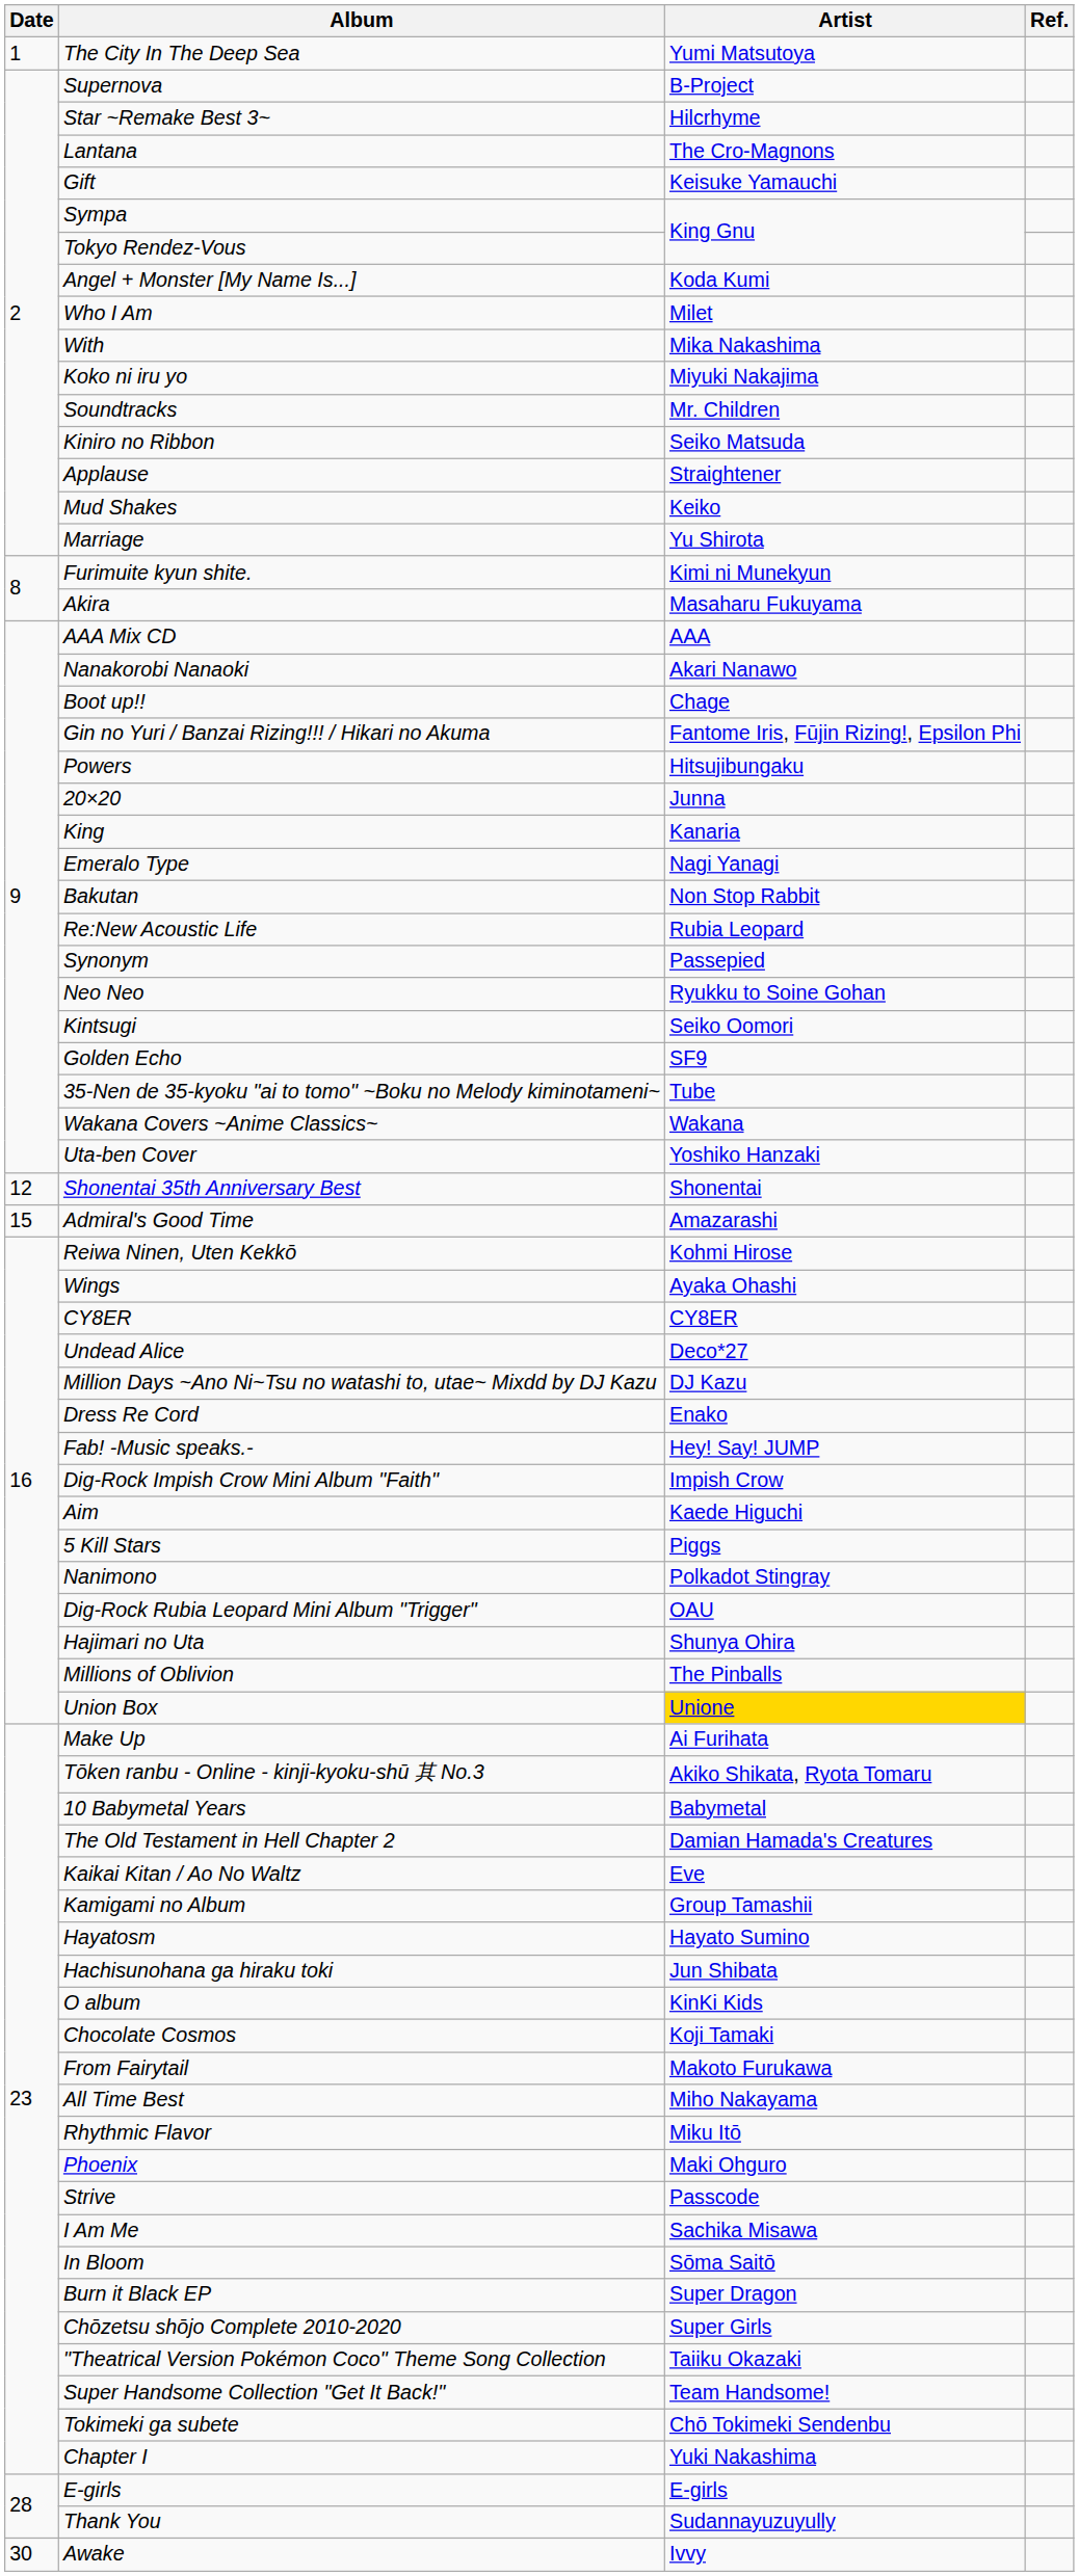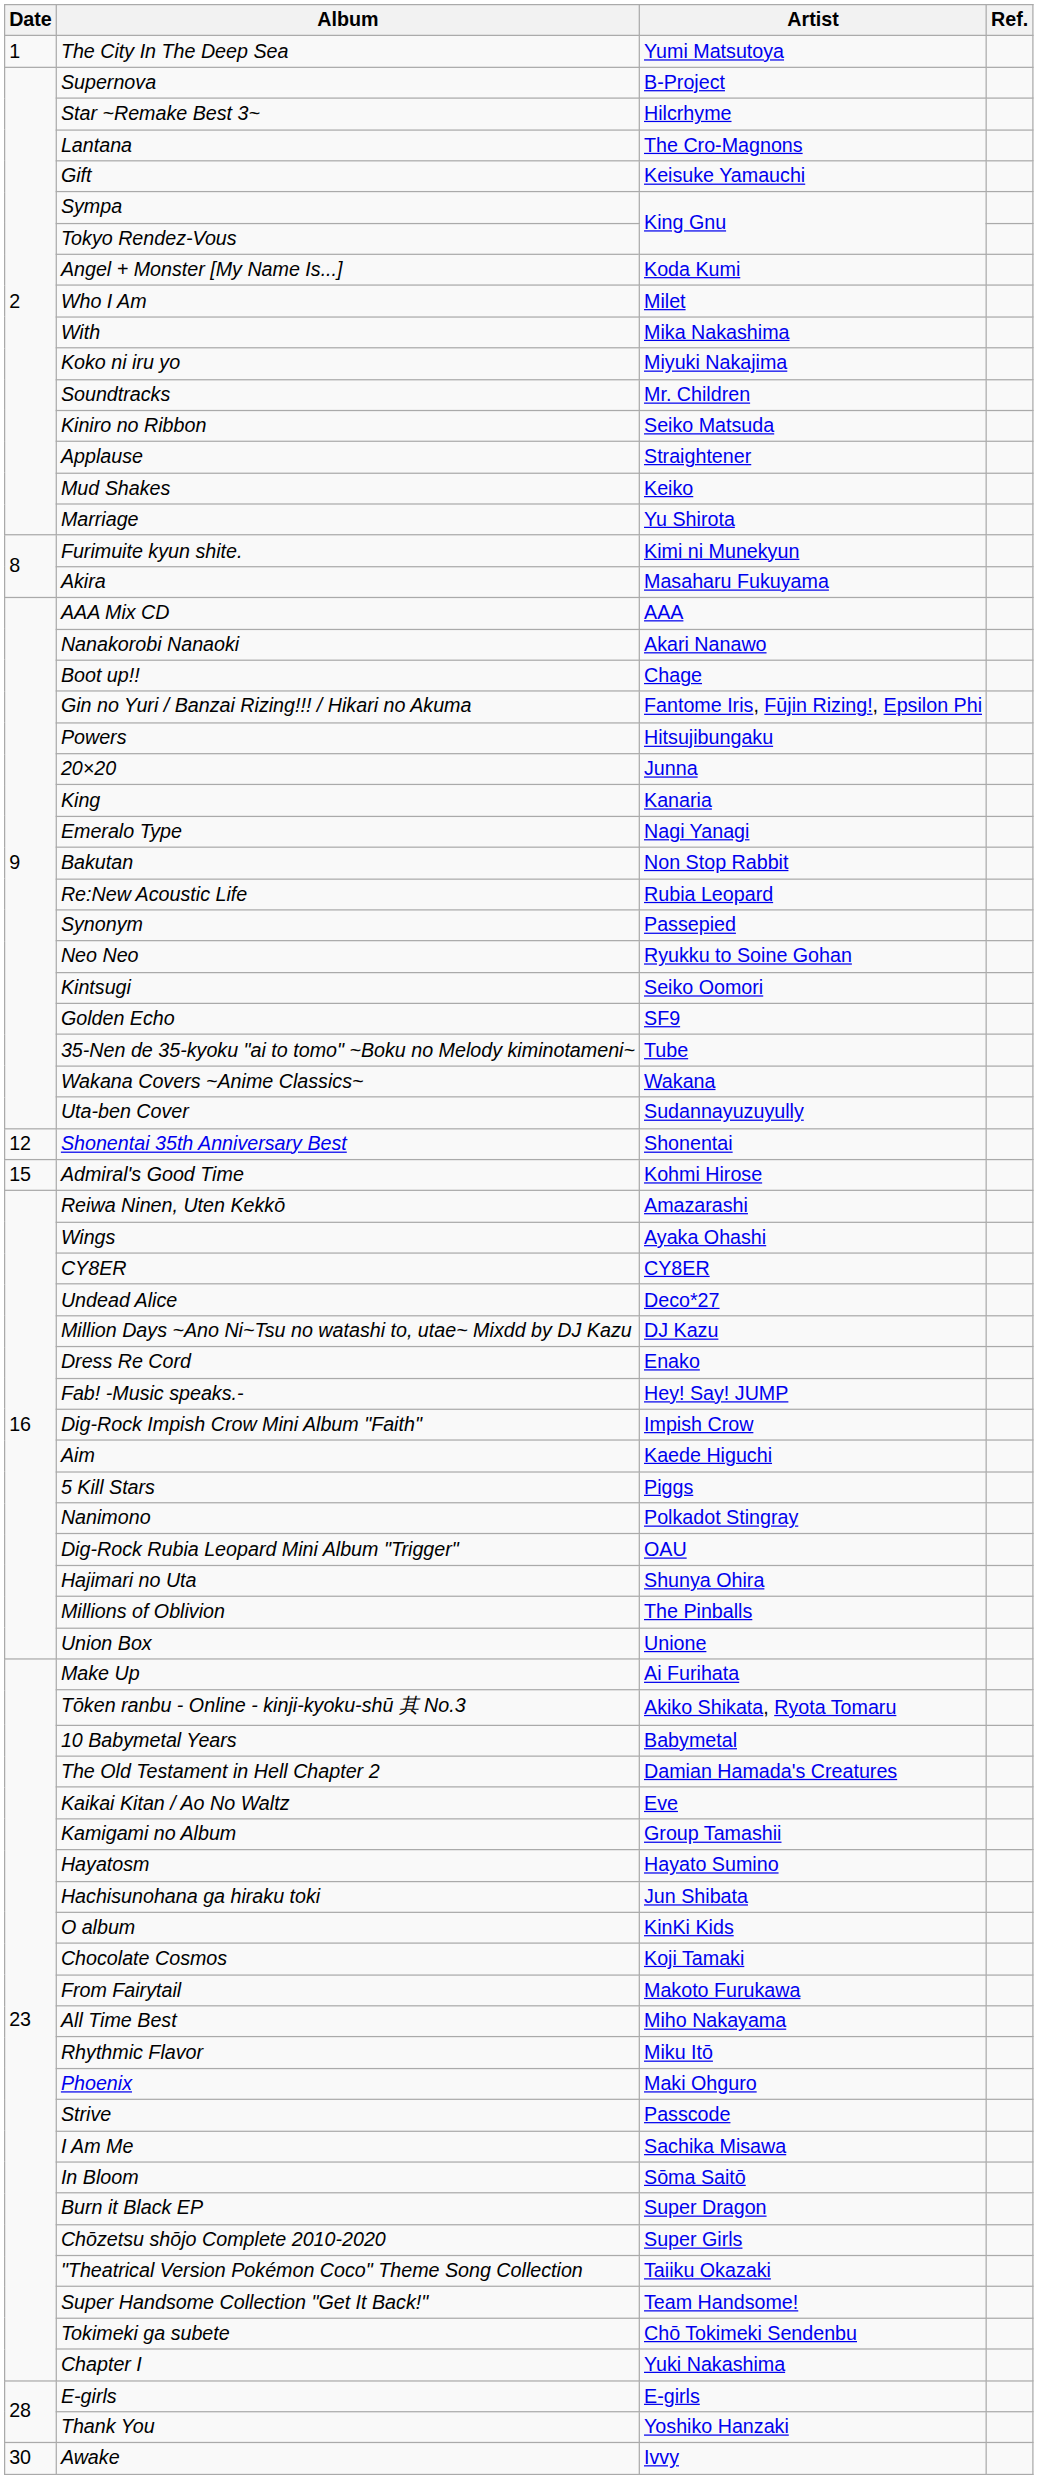 <table class="wikitable">
 <tr>
 <th>Date</th>
 <th>Album</th>
 <th>Artist</th>
 <th>Ref.</th>
 </tr>
 <tr>
 <td>1</td>
 <td><em>The City In The Deep Sea</em></td>
 <td><a href='#'>Yumi Matsutoya</a></td>
 <td></td>
 </tr>
 <tr>
 <td rowspan="15">2</td>
 <td><em>Supernova</em></td>
 <td><a href='#'>B-Project</a></td>
 <td></td>
 </tr>
 <tr>
 <td><em>Star ~Remake Best 3~</em></td>
 <td><a href='#'>Hilcrhyme</a></td>
 <td></td>
 </tr>
 <tr>
 <td><em>Lantana</em></td>
 <td><a href='#'>The Cro-Magnons</a></td>
 <td></td>
 </tr>
 <tr>
 <td><em>Gift</em></td>
 <td><a href='#'>Keisuke Yamauchi</a></td>
 <td></td>
 </tr>
 <tr>
 <td><em>Sympa</em></td>
 <td rowspan="2"><a href='#'>King Gnu</a></td>
 <td></td>
 </tr>
 <tr>
 <td><em>Tokyo Rendez-Vous</em></td>
 <td></td>
 </tr>
 <tr>
 <td><em>Angel + Monster [My Name Is...]</em></td>
 <td><a href='#'>Koda Kumi</a></td>
 <td></td>
 </tr>
 <tr>
 <td><em>Who I Am</em></td>
 <td><a href='#'>Milet</a></td>
 <td></td>
 </tr>
 <tr>
 <td><em>With</em></td>
 <td><a href='#'>Mika Nakashima</a></td>
 <td></td>
 </tr>
 <tr>
 <td><em>Koko ni iru yo</em></td>
 <td><a href='#'>Miyuki Nakajima</a></td>
 <td></td>
 </tr>
 <tr>
 <td><em>Soundtracks</em></td>
 <td><a href='#'>Mr. Children</a></td>
 <td></td>
 </tr>
 <tr>
 <td><em>Kiniro no Ribbon</em></td>
 <td><a href='#'>Seiko Matsuda</a></td>
 <td></td>
 </tr>
 <tr>
 <td><em>Applause</em></td>
 <td><a href='#'>Straightener</a></td>
 <td></td>
 </tr>
 <tr>
 <td><em>Mud Shakes</em></td>
 <td><a href='#'>Keiko</a></td>
 <td></td>
 </tr>
 <tr>
 <td><em>Marriage</em></td>
 <td><a href='#'>Yu Shirota</a></td>
 <td></td>
 </tr>
 <tr>
 <td rowspan="2">8</td>
 <td><em>Furimuite kyun shite.</em></td>
 <td><a href='#'>Kimi ni Munekyun</a></td>
 <td></td>
 </tr>
 <tr>
 <td><em>Akira</em></td>
 <td><a href='#'>Masaharu Fukuyama</a></td>
 <td></td>
 </tr>
 <tr>
 <td rowspan="17">9</td>
 <td><em>AAA Mix CD</em></td>
 <td><a href='#'>AAA</a></td>
 <td></td>
 </tr>
 <tr>
 <td><em>Nanakorobi Nanaoki</em></td>
 <td><a href='#'>Akari Nanawo</a></td>
 <td></td>
 </tr>
 <tr>
 <td><em>Boot up!!</em></td>
 <td><a href='#'>Chage</a></td>
 <td></td>
 </tr>
 <tr>
 <td><em>Gin no Yuri / Banzai Rizing!!! / Hikari no Akuma</em></td>
 <td><a href='#'>Fantome Iris</a>, <a href='#'>Fūjin Rizing!</a>, <a href='#'>Epsilon Phi</a></td>
 <td></td>
 </tr>
 <tr>
 <td><em>Powers</em></td>
 <td><a href='#'>Hitsujibungaku</a></td>
 <td></td>
 </tr>
 <tr>
 <td><em>20×20</em></td>
 <td><a href='#'>Junna</a></td>
 <td></td>
 </tr>
 <tr>
 <td><em>King</em></td>
 <td><a href='#'>Kanaria</a></td>
 <td></td>
 </tr>
 <tr>
 <td><em>Emeralo Type</em></td>
 <td><a href='#'>Nagi Yanagi</a></td>
 <td></td>
 </tr>
 <tr>
 <td><em>Bakutan</em></td>
 <td><a href='#'>Non Stop Rabbit</a></td>
 <td></td>
 </tr>
 <tr>
 <td><em>Re:New Acoustic Life</em></td>
 <td><a href='#'>Rubia Leopard</a></td>
 <td></td>
 </tr>
 <tr>
 <td><em>Synonym</em></td>
 <td><a href='#'>Passepied</a></td>
 <td></td>
 </tr>
 <tr>
 <td><em>Neo Neo</em></td>
 <td><a href='#'>Ryukku to Soine Gohan</a></td>
 <td></td>
 </tr>
 <tr>
 <td><em>Kintsugi</em></td>
 <td><a href='#'>Seiko Oomori</a></td>
 <td></td>
 </tr>
 <tr>
 <td><em>Golden Echo</em></td>
 <td><a href='#'>SF9</a></td>
 <td></td>
 </tr>
 <tr>
 <td><em>35-Nen de 35-kyoku "ai to tomo" ~Boku no Melody kiminotameni~</em></td>
 <td><a href='#'>Tube</a></td>
 <td></td>
 </tr>
 <tr>
 <td><em>Wakana Covers ~Anime Classics~</em></td>
 <td><a href='#'>Wakana</a></td>
 <td></td>
 </tr>
 <tr>
 <td><em>Uta-ben Cover</em></td>
-<td><a href='#'>Yoshiko Hanzaki</a></td>
+<td><a href='#'>Sudannayuzuyully</a></td>
 <td></td>
 </tr>
 <tr>
 <td>12</td>
 <td><em><a href='#'>Shonentai 35th Anniversary Best</a></em></td>
 <td><a href='#'>Shonentai</a></td>
 <td></td>
 </tr>
 <tr>
 <td>15</td>
 <td><em>Admiral's Good Time</em></td>
-<td><a href='#'>Amazarashi</a></td>
+<td><a href='#'>Kohmi Hirose</a></td>
 <td></td>
 </tr>
 <tr>
 <td rowspan="15">16</td>
 <td><em>Reiwa Ninen, Uten Kekkō</em></td>
-<td><a href='#'>Kohmi Hirose</a></td>
+<td><a href='#'>Amazarashi</a></td>
 <td></td>
 </tr>
 <tr>
 <td><em>Wings</em></td>
 <td><a href='#'>Ayaka Ohashi</a></td>
 <td></td>
 </tr>
 <tr>
 <td><em>CY8ER</em></td>
 <td><a href='#'>CY8ER</a></td>
 <td></td>
 </tr>
 <tr>
 <td><em>Undead Alice</em></td>
 <td><a href='#'>Deco*27</a></td>
 <td></td>
 </tr>
 <tr>
 <td><em>Million Days ~Ano Ni~Tsu no watashi to, utae~ Mixdd by DJ Kazu</em></td>
 <td><a href='#'>DJ Kazu</a></td>
 <td></td>
 </tr>
 <tr>
 <td><em>Dress Re Cord</em></td>
 <td><a href='#'>Enako</a></td>
 <td></td>
 </tr>
 <tr>
 <td><em>Fab! -Music speaks.-</em></td>
 <td><a href='#'>Hey! Say! JUMP</a></td>
 <td></td>
 </tr>
 <tr>
 <td><em>Dig-Rock Impish Crow Mini Album "Faith"</em></td>
 <td><a href='#'>Impish Crow</a></td>
 <td></td>
 </tr>
 <tr>
 <td><em>Aim</em></td>
 <td><a href='#'>Kaede Higuchi</a></td>
 <td></td>
 </tr>
 <tr>
 <td><em>5 Kill Stars</em></td>
 <td><a href='#'>Piggs</a></td>
 <td></td>
 </tr>
 <tr>
 <td><em>Nanimono</em></td>
 <td><a href='#'>Polkadot Stingray</a></td>
 <td></td>
 </tr>
 <tr>
 <td><em>Dig-Rock Rubia Leopard Mini Album "Trigger"</em></td>
 <td><a href='#'>OAU</a></td>
 <td></td>
 </tr>
 <tr>
 <td><em>Hajimari no Uta</em></td>
 <td><a href='#'>Shunya Ohira</a></td>
 <td></td>
 </tr>
 <tr>
 <td><em>Millions of Oblivion</em></td>
 <td><a href='#'>The Pinballs</a></td>
 <td></td>
 </tr>
 <tr>
 <td><em>Union Box</em></td>
-<td style="background: gold;"><a href='#'>Unione</a></td>
+<td><a href='#'>Unione</a></td>
 <td></td>
 </tr>
 <tr>
 <td rowspan="23">23</td>
 <td><em>Make Up</em></td>
 <td><a href='#'>Ai Furihata</a></td>
 <td></td>
 </tr>
 <tr>
 <td><em>Tōken ranbu - Online - kinji-kyoku-shū 其 No.3</em></td>
 <td><a href='#'>Akiko Shikata</a>, <a href='#'>Ryota Tomaru</a></td>
 <td></td>
 </tr>
 <tr>
 <td><em>10 Babymetal Years</em></td>
 <td><a href='#'>Babymetal</a></td>
 <td></td>
 </tr>
 <tr>
 <td><em>The Old Testament in Hell Chapter 2</em></td>
 <td><a href='#'>Damian Hamada's Creatures</a></td>
 <td></td>
 </tr>
 <tr>
 <td><em>Kaikai Kitan / Ao No Waltz</em></td>
 <td><a href='#'>Eve</a></td>
 <td></td>
 </tr>
 <tr>
 <td><em>Kamigami no Album</em></td>
 <td><a href='#'>Group Tamashii</a></td>
 <td></td>
 </tr>
 <tr>
 <td><em>Hayatosm</em></td>
 <td><a href='#'>Hayato Sumino</a></td>
 <td></td>
 </tr>
 <tr>
 <td><em>Hachisunohana ga hiraku toki</em></td>
 <td><a href='#'>Jun Shibata</a></td>
 <td></td>
 </tr>
 <tr>
 <td><em>O album</em></td>
 <td><a href='#'>KinKi Kids</a></td>
 <td></td>
 </tr>
 <tr>
 <td><em>Chocolate Cosmos</em></td>
 <td><a href='#'>Koji Tamaki</a></td>
 <td></td>
 </tr>
 <tr>
 <td><em>From Fairytail</em></td>
 <td><a href='#'>Makoto Furukawa</a></td>
 <td></td>
 </tr>
 <tr>
 <td><em>All Time Best</em></td>
 <td><a href='#'>Miho Nakayama</a></td>
 <td></td>
 </tr>
 <tr>
 <td><em>Rhythmic Flavor</em></td>
 <td><a href='#'>Miku Itō</a></td>
 <td></td>
 </tr>
 <tr>
 <td><em><a href='#'>Phoenix</a></em></td>
 <td><a href='#'>Maki Ohguro</a></td>
 <td></td>
 </tr>
 <tr>
 <td><em>Strive</em></td>
 <td><a href='#'>Passcode</a></td>
 <td></td>
 </tr>
 <tr>
 <td><em>I Am Me</em></td>
 <td><a href='#'>Sachika Misawa</a></td>
 <td></td>
 </tr>
 <tr>
 <td><em>In Bloom</em></td>
 <td><a href='#'>Sōma Saitō</a></td>
 <td></td>
 </tr>
 <tr>
 <td><em>Burn it Black EP</em></td>
 <td><a href='#'>Super Dragon</a></td>
 <td></td>
 </tr>
 <tr>
 <td><em>Chōzetsu shōjo Complete 2010-2020</em></td>
 <td><a href='#'>Super Girls</a></td>
 <td></td>
 </tr>
 <tr>
 <td><em>"Theatrical Version Pokémon Coco" Theme Song Collection</em></td>
 <td><a href='#'>Taiiku Okazaki</a></td>
 <td></td>
 </tr>
 <tr>
 <td><em>Super Handsome Collection "Get It Back!"</em></td>
 <td><a href='#'>Team Handsome!</a></td>
 <td></td>
 </tr>
 <tr>
 <td><em>Tokimeki ga subete</em></td>
 <td><a href='#'>Chō Tokimeki Sendenbu</a></td>
 <td></td>
 </tr>
 <tr>
 <td><em>Chapter I</em></td>
 <td><a href='#'>Yuki Nakashima</a></td>
 <td></td>
 </tr>
 <tr>
 <td rowspan="2">28</td>
 <td><em>E-girls</em></td>
 <td><a href='#'>E-girls</a></td>
 <td></td>
 </tr>
 <tr>
 <td><em>Thank You</em></td>
-<td><a href='#'>Sudannayuzuyully</a></td>
+<td><a href='#'>Yoshiko Hanzaki</a></td>
 <td></td>
 </tr>
 <tr>
 <td>30</td>
 <td><em>Awake</em></td>
 <td><a href='#'>Ivvy</a></td>
 <td></td>
 </tr>
 </table>
